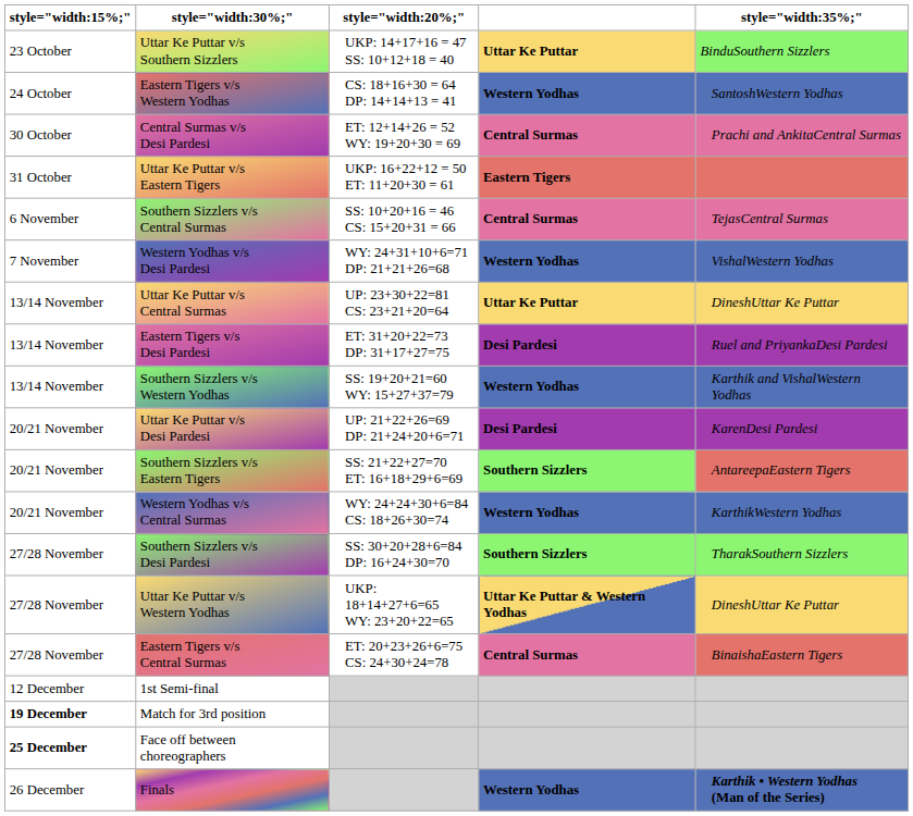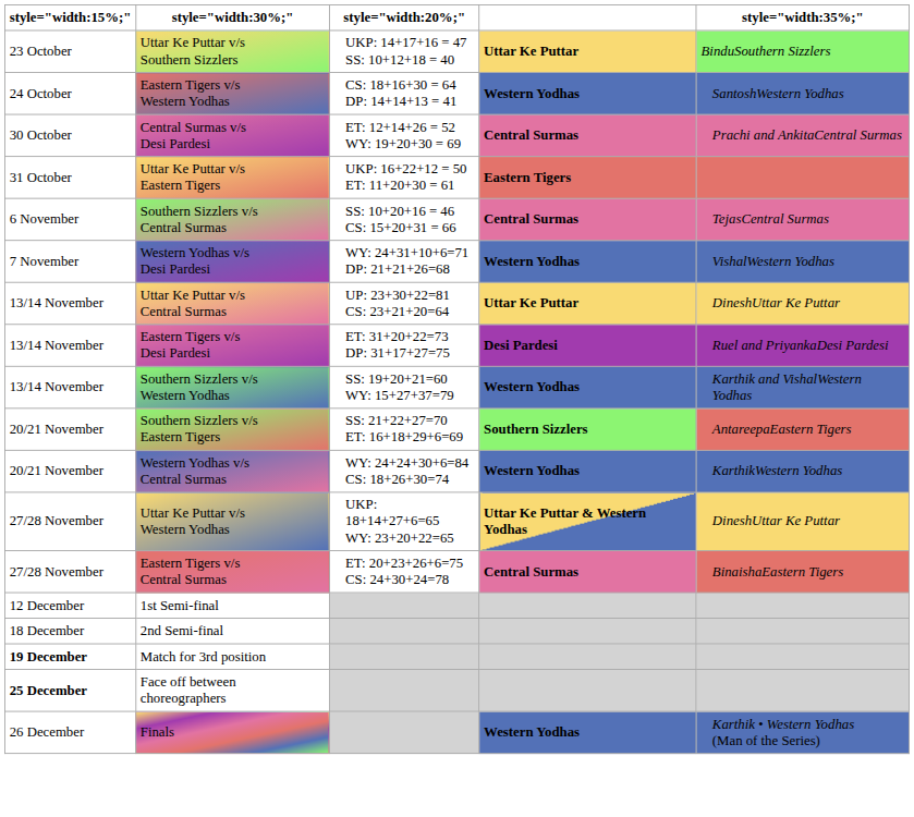 <table border="2" cellpadding="4" cellspacing="0" style="margin: 1em 1em 1em 0;font-size:85%; background: white; border: 1px #aaa solid; border-collapse: collapse;  width:100%;">
 <tr>
 <th>style="width:15%;"</th>
 <th>style="width:30%;"</th>
 <th>style="width:20%;" </th>
 <th></th>
 <th>style="width:35%;" </th>
 </tr>
 <tr>
 <td>23 October</td>
 <td style="background-image: linear-gradient(to right bottom, #F9DA73,#8CF572);">Uttar Ke Puttar v/s<br>Southern Sizzlers</td>
 <td style="text-align:left;padding-left:15px;">UKP: 14+17+16 = 47<br>SS: 10+12+18 = 40</td>
 <td bgcolor=#F9DA73><strong>Uttar Ke Puttar</strong></td>
 <td bgcolor=#8CF572><em>BinduSouthern Sizzlers</em></td>
 </tr>
 <tr>
 <td>24 October</td>
 <td style="background-image: linear-gradient(to right bottom,#E3736B,#5371B7);">Eastern Tigers v/s<br>Western Yodhas</td>
 <td style="text-align:left;padding-left:15px;">CS: 18+16+30 = 64<br>DP: 14+14+13 = 41</td>
 <td bgcolor=#5371B7><strong>Western Yodhas</strong></td>
 <td style="text-align:left;padding-left:15px;" bgcolor=#5371B7><em>SantoshWestern Yodhas</em></td>
 </tr>
 <tr>
 <td>30 October</td>
 <td style="background-image: linear-gradient(to right bottom,#E273A2,#A13BAE);">Central Surmas v/s<br>Desi Pardesi</td>
 <td style="text-align:left;padding-left:15px;">ET: 12+14+26 = 52<br>WY: 19+20+30 = 69</td>
 <td bgcolor=#E273A2><strong>Central Surmas</strong></td>
 <td style="text-align:left;padding-left:15px;" bgcolor=#E273A2><em>Prachi and AnkitaCentral Surmas</em></td>
 </tr>
 <tr>
 <td>31 October</td>
 <td style="background-image: linear-gradient(to right bottom, #F9DA73,#E3736B);">Uttar Ke Puttar v/s<br>Eastern Tigers</td>
 <td style="text-align:left;padding-left:15px;">UKP: 16+22+12 = 50<br>ET: 11+20+30 = 61</td>
 <td bgcolor=#E3736B><strong>Eastern Tigers</strong></td>
 <td style="text-align:left;padding:0 15px;" bgcolor=#E3736B><em></em></td>
 </tr>
 <tr>
 <td>6 November</td>
 <td style="background-image: linear-gradient(to right bottom, #8CF572,#E273A2);">Southern Sizzlers v/s<br>Central Surmas</td>
 <td style="text-align:left;padding-left:15px;">SS: 10+20+16 = 46<br>CS: 15+20+31 = 66</td>
 <td bgcolor=#E273A2><strong>Central Surmas</strong></td>
 <td style="text-align:left;padding-left:15px;" bgcolor=#E273A2><em>TejasCentral Surmas</em></td>
 </tr>
 <tr>
 <td>7 November</td>
 <td style="background-image: linear-gradient(to right bottom, #5371B7,#A13BAE);">Western Yodhas v/s<br>Desi Pardesi</td>
 <td style="text-align:left;padding-left:15px;">WY: 24+31+10+6=71<br>DP: 21+21+26=68</td>
 <td bgcolor=#5371B7><strong>Western Yodhas</strong></td>
 <td style="text-align:left;padding-left:15px;" bgcolor=#5371B7><em>VishalWestern Yodhas</em></td>
 </tr>
 <tr>
 <td>13/14 November</td>
 <td style="background-image: linear-gradient(to right bottom, #F9DA73,#E273A2);">Uttar Ke Puttar v/s<br>Central Surmas</td>
 <td style="text-align:left;padding-left:15px;">UP: 23+30+22=81<br>CS: 23+21+20=64</td>
 <td bgcolor=#F9DA73><strong>Uttar Ke Puttar</strong></td>
 <td style="text-align:left;padding-left:15px;" bgcolor=#F9DA73><em>DineshUttar Ke Puttar</em></td>
 </tr>
 <tr>
 <td>13/14 November</td>
 <td style="background-image: linear-gradient(to right bottom, #E273A2,#A13BAE);">Eastern Tigers v/s<br>Desi Pardesi</td>
 <td style="text-align:left;padding-left:15px;">ET: 31+20+22=73<br>DP: 31+17+27=75</td>
 <td bgcolor=#A13BAE><strong>Desi Pardesi</strong></td>
 <td style="text-align:left;padding-left:15px;" bgcolor=#A13BAE><em>Ruel and PriyankaDesi Pardesi</em></td>
 </tr>
 <tr>
 <td>13/14 November</td>
 <td style="background-image: linear-gradient(to right bottom, #8CF572,#5371B7);">Southern Sizzlers v/s<br>Western Yodhas</td>
 <td style="text-align:left;padding-left:15px;">SS: 19+20+21=60<br>WY: 15+27+37=79</td>
 <td bgcolor=#5371B7><strong>Western Yodhas</strong></td>
 <td style="text-align:left;padding-left:15px;" bgcolor=#5371B7><em>Karthik and VishalWestern Yodhas</em></td>
 </tr>
 <tr>
 <td>20/21 November</td>
-<td style="background-image: linear-gradient(to right bottom,#F9DA73,#A13BAE);">Uttar Ke Puttar v/s<br>Desi Pardesi</td>
-<td style="text-align:left;padding-left:15px;">UP: 21+22+26=69<br>DP: 21+24+20+6=71</td>
-<td bgcolor=#A13BAE><strong>Desi Pardesi</strong></td>
-<td style="text-align:left;padding-left:15px;" bgcolor=#A13BAE><em>KarenDesi Pardesi</em></td>
-</tr>
-<tr>
-<td>20/21 November</td>
 <td style="background-image: linear-gradient(to right bottom, #8CF572,#E3736B);">Southern Sizzlers v/s<br>Eastern Tigers</td>
 <td style="text-align:left;padding-left:15px;">SS: 21+22+27=70<br>ET: 16+18+29+6=69</td>
 <td bgcolor=#8CF572><strong>Southern Sizzlers</strong></td>
 <td style="text-align:left;padding-left:15px;" bgcolor=#E3736B><em>AntareepaEastern Tigers</em></td>
 </tr>
 <tr>
 <td>20/21 November</td>
 <td style="background-image: linear-gradient(to right bottom, #5371B7,#E273A2);">Western Yodhas v/s<br>Central Surmas</td>
 <td style="text-align:left;padding-left:15px;">WY: 24+24+30+6=84<br>CS: 18+26+30=74</td>
 <td bgcolor=#5371B7><strong>Western Yodhas</strong></td>
 <td style="text-align:left;padding-left:15px;" bgcolor=#5371B7><em>KarthikWestern Yodhas</em></td>
-</tr>
-<tr>
-<td>27/28 November</td>
-<td style="background-image: linear-gradient(to right bottom, #8CF572,#A13BAE);">Southern Sizzlers v/s<br>Desi Pardesi</td>
-<td style="text-align:left;padding-left:15px;">SS: 30+20+28+6=84<br>DP: 16+24+30=70</td>
-<td bgcolor=#8CF572><strong>Southern Sizzlers</strong></td>
-<td style="text-align:left;padding-left:15px;" bgcolor=#8CF572><em>TharakSouthern Sizzlers</em></td>
 </tr>
 <tr>
 <td>27/28 November</td>
 <td style="background-image: linear-gradient(to right bottom, #F9DA73,#5371B7);">Uttar Ke Puttar v/s<br>Western Yodhas</td>
 <td style="text-align:left;padding-left:15px;">UKP: 18+14+27+6=65<br>WY: 23+20+22=65</td>
 <td style="background-image: linear-gradient(to right bottom, #F9DA73 50%, #5371B7 50%);"><strong>Uttar Ke Puttar & Western Yodhas</strong></td>
 <td style="text-align:left;padding-left:15px;" bgcolor=#F9DA73><em>DineshUttar Ke Puttar</em></td>
 </tr>
 <tr>
 <td>27/28 November</td>
 <td style="background-image: linear-gradient(to right bottom, #E3736B,#E273A2);">Eastern Tigers v/s<br>Central Surmas</td>
 <td style="text-align:left;padding-left:15px;">ET: 20+23+26+6=75<br>CS: 24+30+24=78</td>
 <td bgcolor=#E273A2><strong>Central Surmas</strong></td>
 <td style="text-align:left;padding-left:15px;" bgcolor=#E3736B><em>BinaishaEastern Tigers</em></td>
 </tr>
 <tr>
 <td>12 December</td>
 <td>1st Semi-final</td>
 <td style="text-align:left;padding-left:15px;"bgcolor=lightgrey></td>
 <td bgcolor=lightgrey></td>
 <td style="text-align:left;padding-left:15px;"  bgcolor=lightgrey></td>
 </tr>
 <tr>
+<td>18 December</td>
+<td>2nd Semi-final</td>
+<td style="text-align:left;padding-left:15px;"bgcolor=lightgrey></td>
+<td bgcolor=lightgrey></td>
+<td style="text-align:left;padding-left:15px;" bgcolor=lightgrey></td>
+</tr>
+<tr>
 <td><strong>19 December</strong></td>
 <td>Match for 3rd position</td>
 <td style="text-align:left;padding-left:15px;"bgcolor=lightgrey></td>
 <td bgcolor=lightgrey></td>
 <td style="text-align:left;padding-left:15px;" bgcolor=lightgrey></td>
 </tr>
 <tr>
 <td><strong>25 December</strong></td>
 <td>Face off between choreographers</td>
 <td style="text-align:left;padding-left:15px;"bgcolor=lightgrey></td>
 <td bgcolor=lightgrey></td>
 <td style="text-align:left;padding-left:15px;" bgcolor=lightgrey></td>
 </tr>
 <tr>
 <td>26 December</td>
 <td style="background-image: linear-gradient(to right bottom, #F9DA73,#A13BAE,#E273A2,#E3736B,#5371B7,#8CF572);">Finals</td>
 <td bgcolor=lightgrey></td>
 <td bgcolor=#5371B7><strong>Western Yodhas</strong></td>
-<td style="text-align:left;padding-left:15px;" bgcolor=#5371B7><strong><em>Karthik • Western Yodhas</em><br>(Man of the Series)</strong></td>
+<td style="text-align:left;padding-left:15px;" bgcolor=#5371B7><em>Karthik • Western Yodhas</em><br>(Man of the Series)</td>
 </tr>
 </table>
